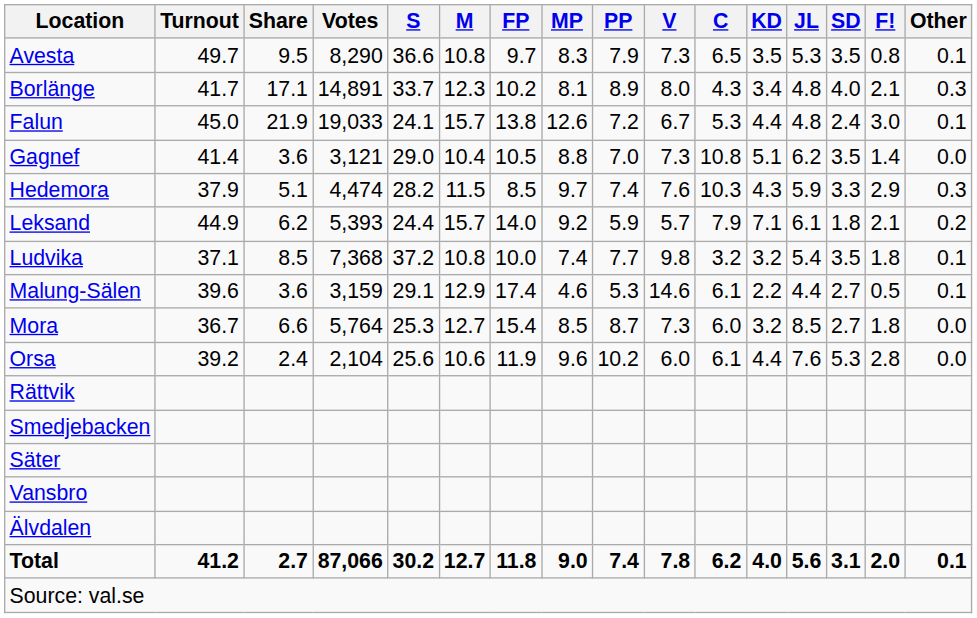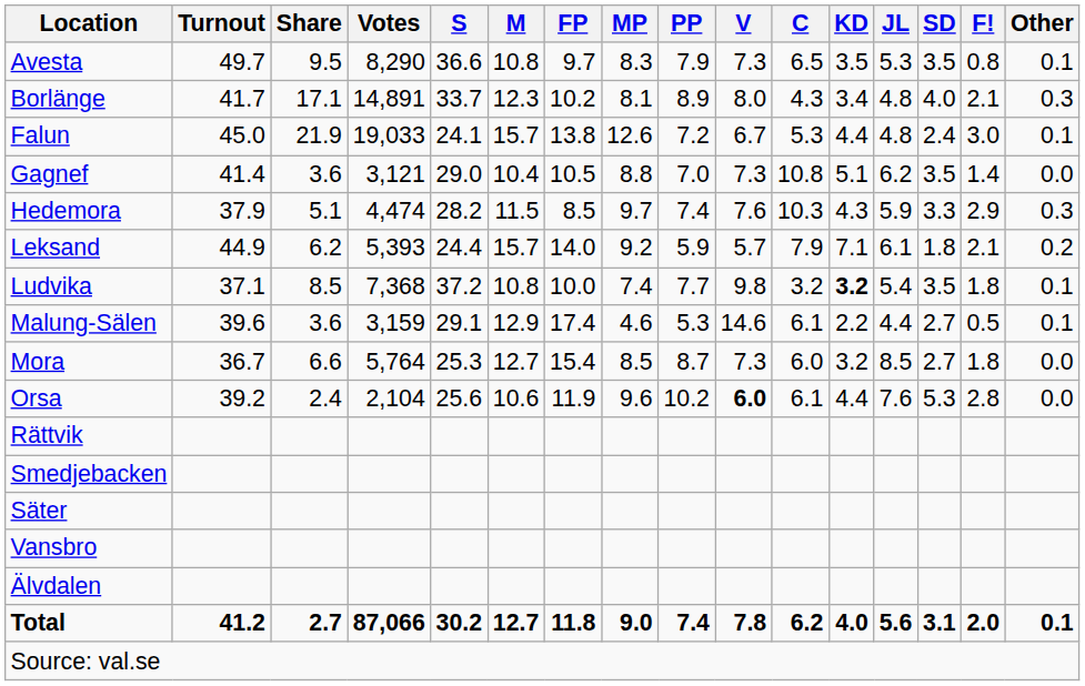 <table class="wikitable sortable" style=text-align:right>
 <tr>
 <th>Location</th>
 <th>Turnout</th>
 <th>Share</th>
 <th>Votes</th>
 <th><a href='#'>S</a></th>
 <th><a href='#'>M</a></th>
 <th><a href='#'>FP</a></th>
 <th><a href='#'>MP</a></th>
 <th><a href='#'>PP</a></th>
 <th><a href='#'>V</a></th>
 <th><a href='#'>C</a></th>
 <th><a href='#'>KD</a></th>
 <th><a href='#'>JL</a></th>
 <th><a href='#'>SD</a></th>
 <th><a href='#'>F!</a></th>
 <th>Other</th>
 </tr>
 <tr>
 <td align=left><a href='#'>Avesta</a></td>
 <td>49.7</td>
 <td>9.5</td>
 <td>8,290</td>
 <td>36.6</td>
 <td>10.8</td>
 <td>9.7</td>
 <td>8.3</td>
 <td>7.9</td>
 <td>7.3</td>
 <td>6.5</td>
 <td>3.5</td>
 <td>5.3</td>
 <td>3.5</td>
 <td>0.8</td>
 <td>0.1</td>
 </tr>
 <tr>
 <td align=left><a href='#'>Borlänge</a></td>
 <td>41.7</td>
 <td>17.1</td>
 <td>14,891</td>
 <td>33.7</td>
 <td>12.3</td>
 <td>10.2</td>
 <td>8.1</td>
 <td>8.9</td>
 <td>8.0</td>
 <td>4.3</td>
 <td>3.4</td>
 <td>4.8</td>
 <td>4.0</td>
 <td>2.1</td>
 <td>0.3</td>
 </tr>
 <tr>
 <td align=left><a href='#'>Falun</a></td>
 <td>45.0</td>
 <td>21.9</td>
 <td>19,033</td>
 <td>24.1</td>
 <td>15.7</td>
 <td>13.8</td>
 <td>12.6</td>
 <td>7.2</td>
 <td>6.7</td>
 <td>5.3</td>
 <td>4.4</td>
 <td>4.8</td>
 <td>2.4</td>
 <td>3.0</td>
 <td>0.1</td>
 </tr>
 <tr>
 <td align=left><a href='#'>Gagnef</a></td>
 <td>41.4</td>
 <td>3.6</td>
 <td>3,121</td>
 <td>29.0</td>
 <td>10.4</td>
 <td>10.5</td>
 <td>8.8</td>
 <td>7.0</td>
 <td>7.3</td>
 <td>10.8</td>
 <td>5.1</td>
 <td>6.2</td>
 <td>3.5</td>
 <td>1.4</td>
 <td>0.0</td>
 </tr>
 <tr>
 <td align=left><a href='#'>Hedemora</a></td>
 <td>37.9</td>
 <td>5.1</td>
 <td>4,474</td>
 <td>28.2</td>
 <td>11.5</td>
 <td>8.5</td>
 <td>9.7</td>
 <td>7.4</td>
 <td>7.6</td>
 <td>10.3</td>
 <td>4.3</td>
 <td>5.9</td>
 <td>3.3</td>
 <td>2.9</td>
 <td>0.3</td>
 </tr>
 <tr>
 <td align=left><a href='#'>Leksand</a></td>
 <td>44.9</td>
 <td>6.2</td>
 <td>5,393</td>
 <td>24.4</td>
 <td>15.7</td>
 <td>14.0</td>
 <td>9.2</td>
 <td>5.9</td>
 <td>5.7</td>
 <td>7.9</td>
 <td>7.1</td>
 <td>6.1</td>
 <td>1.8</td>
 <td>2.1</td>
 <td>0.2</td>
 </tr>
 <tr>
 <td align=left><a href='#'>Ludvika</a></td>
 <td>37.1</td>
 <td>8.5</td>
 <td>7,368</td>
 <td>37.2</td>
 <td>10.8</td>
 <td>10.0</td>
 <td>7.4</td>
 <td>7.7</td>
 <td>9.8</td>
 <td>3.2</td>
-<td>3.2</td>
+<td><strong>3.2</strong></td>
 <td>5.4</td>
 <td>3.5</td>
 <td>1.8</td>
 <td>0.1</td>
 </tr>
 <tr>
 <td align=left><a href='#'>Malung-Sälen</a></td>
 <td>39.6</td>
 <td>3.6</td>
 <td>3,159</td>
 <td>29.1</td>
 <td>12.9</td>
 <td>17.4</td>
 <td>4.6</td>
 <td>5.3</td>
 <td>14.6</td>
 <td>6.1</td>
 <td>2.2</td>
 <td>4.4</td>
 <td>2.7</td>
 <td>0.5</td>
 <td>0.1</td>
 </tr>
 <tr>
 <td align=left><a href='#'>Mora</a></td>
 <td>36.7</td>
 <td>6.6</td>
 <td>5,764</td>
 <td>25.3</td>
 <td>12.7</td>
 <td>15.4</td>
 <td>8.5</td>
 <td>8.7</td>
 <td>7.3</td>
 <td>6.0</td>
 <td>3.2</td>
 <td>8.5</td>
 <td>2.7</td>
 <td>1.8</td>
 <td>0.0</td>
 </tr>
 <tr>
 <td align=left><a href='#'>Orsa</a></td>
 <td>39.2</td>
 <td>2.4</td>
 <td>2,104</td>
 <td>25.6</td>
 <td>10.6</td>
 <td>11.9</td>
 <td>9.6</td>
 <td>10.2</td>
-<td>6.0</td>
+<td><strong>6.0</strong></td>
 <td>6.1</td>
 <td>4.4</td>
 <td>7.6</td>
 <td>5.3</td>
 <td>2.8</td>
 <td>0.0</td>
 </tr>
 <tr>
 <td align=left><a href='#'>Rättvik</a></td>
 <td></td>
 <td></td>
 <td></td>
 <td></td>
 <td></td>
 <td></td>
 <td></td>
 <td></td>
 <td></td>
 <td></td>
 <td></td>
 <td></td>
 <td></td>
 <td></td>
 <td></td>
 </tr>
 <tr>
 <td align=left><a href='#'>Smedjebacken</a></td>
 <td></td>
 <td></td>
 <td></td>
 <td></td>
 <td></td>
 <td></td>
 <td></td>
 <td></td>
 <td></td>
 <td></td>
 <td></td>
 <td></td>
 <td></td>
 <td></td>
 <td></td>
 </tr>
 <tr>
 <td align=left><a href='#'>Säter</a></td>
 <td></td>
 <td></td>
 <td></td>
 <td></td>
 <td></td>
 <td></td>
 <td></td>
 <td></td>
 <td></td>
 <td></td>
 <td></td>
 <td></td>
 <td></td>
 <td></td>
 <td></td>
 </tr>
 <tr>
 <td align=left><a href='#'>Vansbro</a></td>
 <td></td>
 <td></td>
 <td></td>
 <td></td>
 <td></td>
 <td></td>
 <td></td>
 <td></td>
 <td></td>
 <td></td>
 <td></td>
 <td></td>
 <td></td>
 <td></td>
 <td></td>
 </tr>
 <tr>
 <td align=left><a href='#'>Älvdalen</a></td>
 <td></td>
 <td></td>
 <td></td>
 <td></td>
 <td></td>
 <td></td>
 <td></td>
 <td></td>
 <td></td>
 <td></td>
 <td></td>
 <td></td>
 <td></td>
 <td></td>
 <td></td>
 </tr>
 <tr>
 <td align=left><strong>Total</strong></td>
 <td><strong>41.2</strong></td>
 <td><strong>2.7</strong></td>
 <td><strong>87,066</strong></td>
 <td><strong>30.2</strong></td>
 <td><strong>12.7</strong></td>
 <td><strong>11.8</strong></td>
 <td><strong>9.0</strong></td>
 <td><strong>7.4</strong></td>
 <td><strong>7.8</strong></td>
 <td><strong>6.2</strong></td>
 <td><strong>4.0</strong></td>
 <td><strong>5.6</strong></td>
 <td><strong>3.1</strong></td>
 <td><strong>2.0</strong></td>
 <td><strong>0.1</strong></td>
 </tr>
 <tr>
 <td align=left colspan=16>Source: val.se </td>
 </tr>
 </table>
